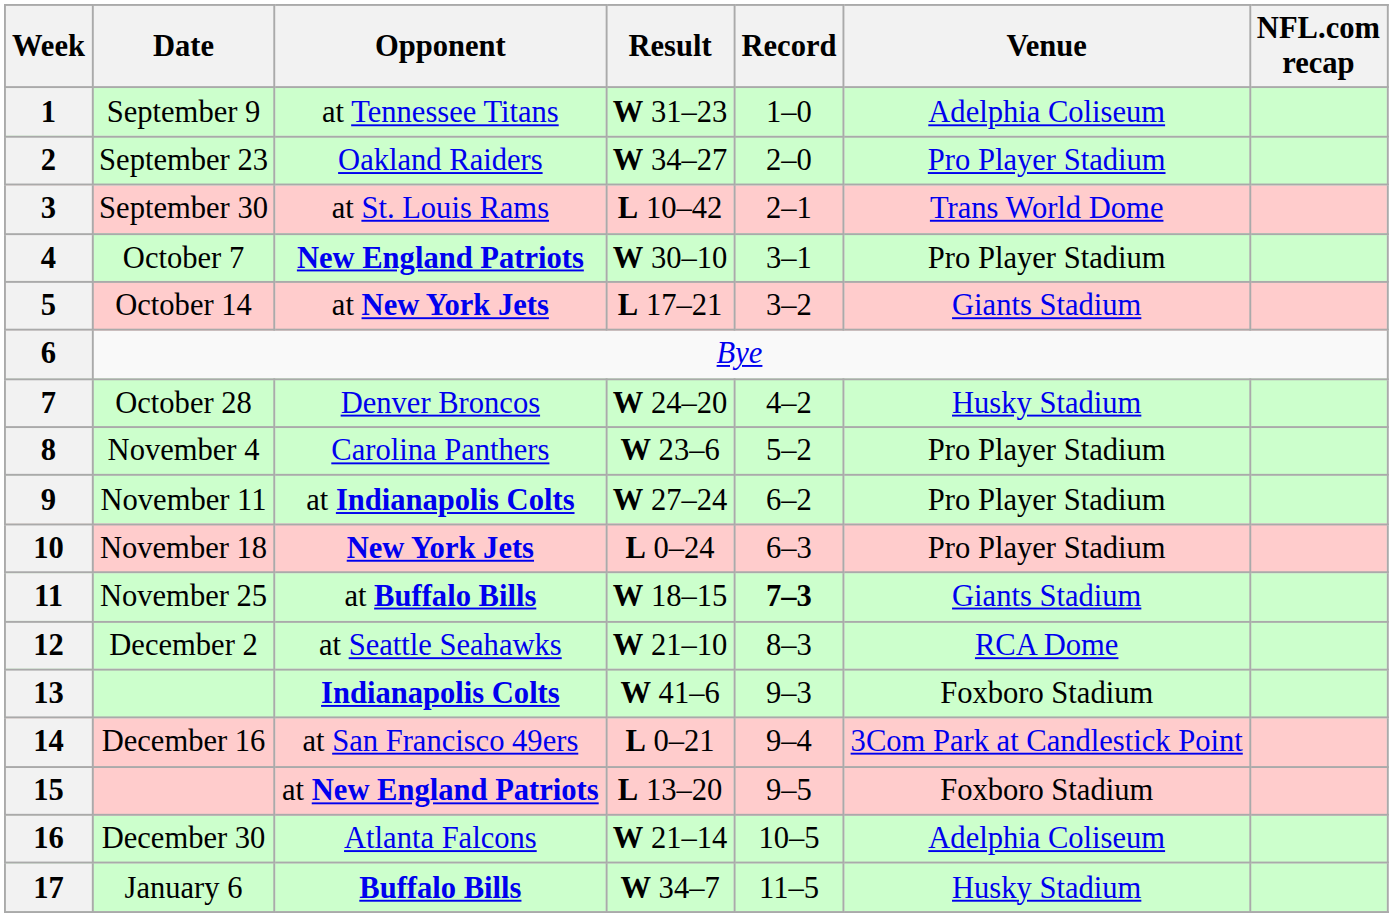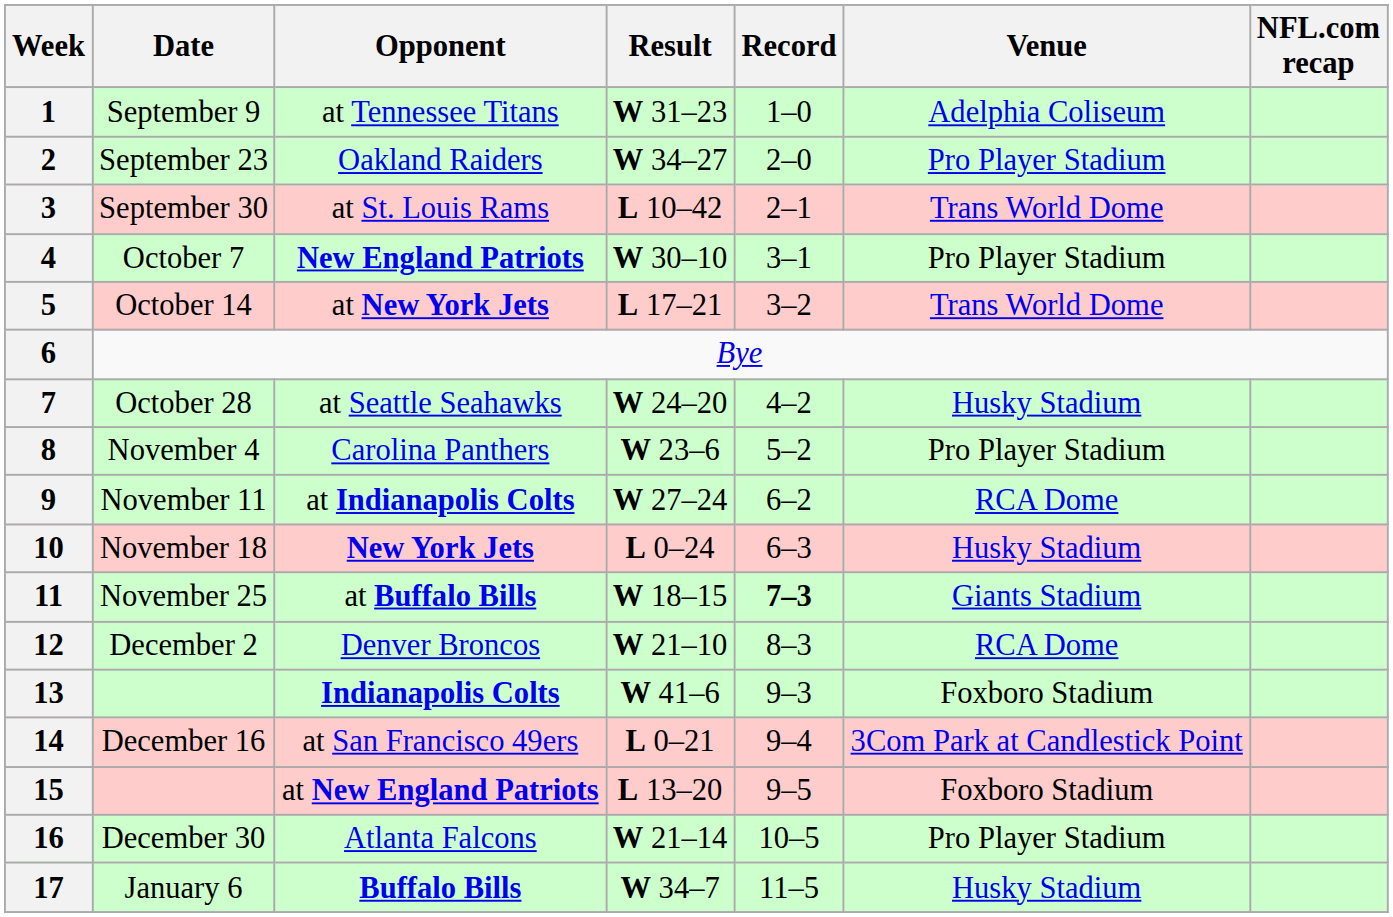 <table class="wikitable" style="text-align:center">
 <tr>
 <th>Week</th>
 <th>Date</th>
 <th>Opponent</th>
 <th>Result</th>
 <th>Record</th>
 <th>Venue</th>
 <th>NFL.com<br>recap</th>
 </tr>
 <tr style="background:#cfc;">
 <th>1</th>
 <td>September 9</td>
 <td>at <a href='#'>Tennessee Titans</a></td>
 <td><strong>W</strong> 31–23</td>
 <td>1–0</td>
 <td><a href='#'>Adelphia Coliseum</a></td>
 <td></td>
 </tr>
 <tr style="background:#cfc;">
 <th>2</th>
 <td>September 23</td>
 <td><a href='#'>Oakland Raiders</a></td>
 <td><strong>W</strong> 34–27</td>
 <td>2–0</td>
 <td><a href='#'>Pro Player Stadium</a></td>
 <td></td>
 </tr>
 <tr style="background:#fcc;">
 <th>3</th>
 <td>September 30</td>
 <td>at <a href='#'>St. Louis Rams</a></td>
 <td><strong>L</strong> 10–42</td>
 <td>2–1</td>
 <td><a href='#'>Trans World Dome</a></td>
 <td></td>
 </tr>
 <tr style="background:#cfc;">
 <th>4</th>
 <td>October 7</td>
 <td><strong><a href='#'>New England Patriots</a></strong></td>
 <td><strong>W</strong> 30–10</td>
 <td>3–1</td>
 <td>Pro Player Stadium</td>
 <td></td>
 </tr>
 <tr style="background:#fcc;">
 <th>5</th>
 <td>October 14</td>
 <td>at <strong> <a href='#'>New York Jets</a></strong></td>
 <td><strong>L</strong> 17–21</td>
 <td>3–2</td>
-<td><a href='#'>Giants Stadium</a></td>
+<td><a href='#'>Trans World Dome</a></td>
 <td></td>
 </tr>
 <tr>
 <th>6</th>
 <td align="center" colspan="8"><em><a href='#'>Bye</a></em></td>
 </tr>
 <tr style="background:#cfc;">
 <th>7</th>
 <td>October 28</td>
-<td><a href='#'>Denver Broncos</a></td>
+<td>at <a href='#'>Seattle Seahawks</a></td>
 <td><strong>W</strong> 24–20</td>
 <td>4–2</td>
 <td><a href='#'>Husky Stadium</a></td>
 <td></td>
 </tr>
 <tr style="background:#cfc;">
 <th>8</th>
 <td>November 4</td>
 <td><a href='#'>Carolina Panthers</a></td>
 <td><strong>W</strong>  23–6</td>
 <td>5–2</td>
 <td>Pro Player Stadium</td>
 <td></td>
 </tr>
 <tr style="background:#cfc;">
 <th>9</th>
 <td>November 11</td>
 <td>at <strong><a href='#'>Indianapolis Colts</a></strong></td>
 <td><strong>W</strong> 27–24</td>
 <td>6–2</td>
-<td>Pro Player Stadium</td>
+<td><a href='#'>RCA Dome</a></td>
 <td></td>
 </tr>
 <tr style="background:#fcc;">
 <th>10</th>
 <td>November 18</td>
 <td><strong><a href='#'>New York Jets</a></strong></td>
 <td><strong>L</strong> 0–24</td>
 <td>6–3</td>
-<td>Pro Player Stadium</td>
+<td><a href='#'>Husky Stadium</a></td>
 <td></td>
 </tr>
 <tr style="background:#cfc;">
 <th>11</th>
 <td>November 25</td>
 <td>at <strong><a href='#'>Buffalo Bills</a></strong></td>
 <td><strong>W</strong> 18–15</td>
 <td><strong>7–3</strong></td>
 <td><a href='#'>Giants Stadium</a></td>
 <td></td>
 </tr>
 <tr style="background:#cfc;">
 <th>12</th>
 <td>December 2</td>
-<td>at <a href='#'>Seattle Seahawks</a></td>
+<td><a href='#'>Denver Broncos</a></td>
 <td><strong>W</strong> 21–10</td>
 <td>8–3</td>
 <td><a href='#'>RCA Dome</a></td>
 <td></td>
 </tr>
 <tr style="background:#cfc;">
 <th>13</th>
 <td></td>
 <td><strong><a href='#'>Indianapolis Colts</a></strong></td>
 <td><strong>W</strong> 41–6</td>
 <td>9–3</td>
 <td>Foxboro Stadium</td>
 <td></td>
 </tr>
 <tr style="background:#fcc;">
 <th>14</th>
 <td>December 16</td>
 <td>at <a href='#'>San Francisco 49ers</a></td>
 <td><strong>L</strong> 0–21</td>
 <td>9–4</td>
 <td><a href='#'>3Com Park at Candlestick Point</a></td>
 <td></td>
 </tr>
 <tr style="background:#fcc;">
 <th>15</th>
 <td></td>
 <td>at <strong><a href='#'>New England Patriots</a></strong></td>
 <td><strong>L</strong> 13–20</td>
 <td>9–5</td>
 <td>Foxboro Stadium</td>
 <td></td>
 </tr>
 <tr style="background:#cfc;">
 <th>16</th>
 <td>December 30</td>
 <td><a href='#'>Atlanta Falcons</a></td>
 <td><strong>W</strong> 21–14</td>
 <td>10–5</td>
-<td><a href='#'>Adelphia Coliseum</a></td>
+<td>Pro Player Stadium</td>
 <td></td>
 </tr>
 <tr style="background:#cfc;">
 <th>17</th>
 <td>January 6</td>
 <td><strong><a href='#'>Buffalo Bills</a></strong></td>
 <td><strong>W</strong> 34–7</td>
 <td>11–5</td>
 <td><a href='#'>Husky Stadium</a></td>
 <td></td>
 </tr>
 <tr align="center" bgcolor="ffdddd">
 </tr>
 </table>
